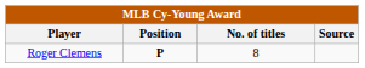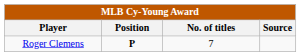 <table class="wikitable" style="text-align:center">
 <tr>
 <td colspan="5" style= "background: #BF5700; color:white"><strong>MLB Cy-Young Award</strong></td>
 </tr>
 <tr>
 <th style="width:150px; ">Player</th>
 <th style="width:90px; ">Position</th>
 <th style="width:150px; ">No. of titles</th>
 <th style="width:50px; ">Source</th>
 </tr>
 <tr>
 <td><a href='#'>Roger Clemens</a></td>
 <td><strong>P</strong></td>
-<td>8</td>
+<td>7</td>
 <td></td>
 </tr>
 </table>
